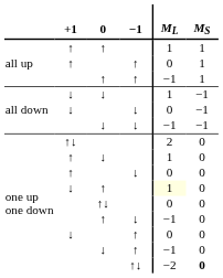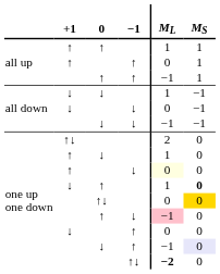 <table cellspacing="0">
 <tr>
 <td> </td>
 <th colspan="3" align="center" style="border-right: 2px solid windowtext"></th>
 <td colspan="2"> </td>
 </tr>
 <tr>
 <th style="border-bottom: 2px solid windowtext"> </th>
 <th align="center" width="40px" style="border-bottom: 2px solid windowtext">+1</th>
 <th align="center" width="40px" style="border-bottom: 2px solid windowtext">0</th>
 <th align="center" width="40px" style="border-bottom: 2px solid windowtext; border-right: 2px solid windowtext">−1</th>
 <th align="center" width="40px" style="border-bottom: 2px solid windowtext"><em>M<sub>L</sub></em></th>
 <th align="center" width="40px" style="border-bottom: 2px solid windowtext"><em>M<sub>S</sub></em></th>
 </tr>
 <tr>
 <td rowspan="3" style="border-bottom: 1px solid windowtext">all up</td>
 <td align="center">↑</td>
 <td align="center">↑</td>
 <td align="center" style="border-right: 2px solid windowtext"></td>
 <td align="center">1</td>
 <td align="center">1</td>
 </tr>
 <tr>
 <td align="center">↑</td>
 <td align="center"></td>
 <td align="center" style="border-right: 2px solid windowtext">↑</td>
 <td align="center">0</td>
 <td align="center">1</td>
 </tr>
 <tr>
 <td align="center" style="border-bottom: 1px solid windowtext"></td>
 <td align="center" style="border-bottom: 1px solid windowtext">↑</td>
 <td align="center" style="border-bottom: 1px solid windowtext; border-right: 2px solid windowtext">↑</td>
 <td align="center" style="border-bottom: 1px solid windowtext">−1</td>
 <td align="center" style="border-bottom: 1px solid windowtext">1</td>
 </tr>
 <tr>
 <td rowspan="3" style="border-bottom: 1px solid windowtext">all down</td>
 <td align="center">↓</td>
 <td align="center">↓</td>
 <td align="center" style="border-right: 2px solid windowtext"></td>
 <td align="center">1</td>
 <td align="center">−1</td>
 </tr>
 <tr>
 <td align="center">↓</td>
 <td align="center"></td>
 <td align="center" style="border-right: 2px solid windowtext">↓</td>
 <td align="center">0</td>
 <td align="center">−1</td>
 </tr>
 <tr>
 <td align="center" style="border-bottom: 1px solid windowtext"></td>
 <td align="center" style="border-bottom: 1px solid windowtext">↓</td>
 <td align="center" style="border-bottom: 1px solid windowtext; border-right: 2px solid windowtext">↓</td>
 <td align="center" style="border-bottom: 1px solid windowtext">−1</td>
 <td align="center" style="border-bottom: 1px solid windowtext">−1</td>
 </tr>
 <tr>
 <td rowspan="9">one up <br>one down</td>
 <td align="center">↑↓</td>
 <td align="center"></td>
 <td align="center" style="border-right: 2px solid windowtext"></td>
 <td align="center">2</td>
 <td align="center">0</td>
 </tr>
 <tr>
 <td align="center">↑</td>
 <td align="center">↓</td>
 <td align="center" style="border-right: 2px solid windowtext"></td>
 <td align="center">1</td>
 <td align="center">0</td>
 </tr>
 <tr>
 <td align="center">↑</td>
 <td align="center"></td>
 <td align="center" style="border-right: 2px solid windowtext">↓</td>
-<td align="center">0</td>
+<td align="center" style="background: lightyellow;">0</td>
 <td align="center">0</td>
 </tr>
 <tr>
 <td align="center">↓</td>
 <td align="center">↑</td>
 <td align="center" style="border-right: 2px solid windowtext"></td>
-<td align="center" style="background: lightyellow;">1</td>
-<td align="center">0</td>
+<td align="center">1</td>
+<td align="center"><strong>0</strong></td>
 </tr>
 <tr>
 <td align="center"></td>
 <td align="center">↑↓</td>
 <td align="center" style="border-right: 2px solid windowtext"></td>
 <td align="center">0</td>
-<td align="center">0</td>
+<td align="center" style="background: gold;">0</td>
 </tr>
 <tr>
 <td align="center"></td>
 <td align="center">↑</td>
 <td align="center" style="border-right: 2px solid windowtext">↓</td>
-<td align="center">−1</td>
+<td align="center" style="background: pink;">−1</td>
 <td align="center">0</td>
 </tr>
 <tr>
 <td align="center">↓</td>
 <td align="center"></td>
 <td align="center" style="border-right: 2px solid windowtext">↑</td>
 <td align="center">0</td>
 <td align="center">0</td>
 </tr>
 <tr>
 <td align="center"></td>
 <td align="center">↓</td>
 <td align="center" style="border-right: 2px solid windowtext">↑</td>
 <td align="center">−1</td>
-<td align="center">0</td>
+<td align="center" style="background: lavender;">0</td>
 </tr>
 <tr>
 <td align="center"></td>
 <td align="center"></td>
 <td align="center" style="border-right: 2px solid windowtext">↑↓</td>
-<td align="center">−2</td>
-<td align="center"><strong>0</strong></td>
+<td align="center"><strong>−2</strong></td>
+<td align="center">0</td>
 </tr>
 </table>
